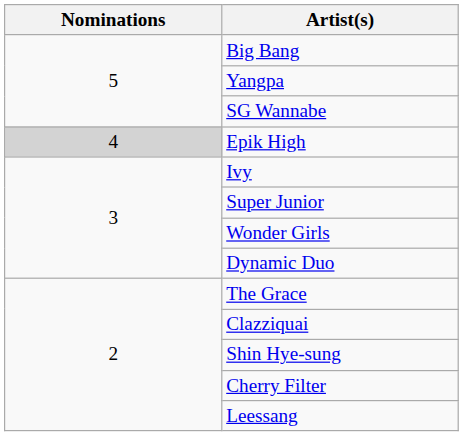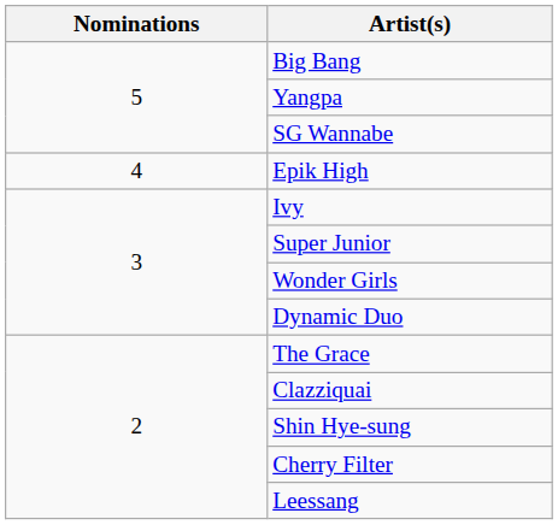 <table class="wikitable"  style="width:30%;">
 <tr>
 <th scope="col">Nominations</th>
 <th scope="col">Artist(s)</th>
 </tr>
 <tr>
 <td align=center rowspan=3>5</td>
 <td><a href='#'>Big Bang</a></td>
 </tr>
 <tr>
 <td><a href='#'>Yangpa</a></td>
 </tr>
 <tr>
 <td><a href='#'>SG Wannabe</a></td>
 </tr>
 <tr>
-<td align=center style="background: lightgrey;">4</td>
+<td align=center>4</td>
 <td><a href='#'>Epik High</a></td>
 </tr>
 <tr>
 <td align=center rowspan=4>3</td>
 <td><a href='#'>Ivy</a></td>
 </tr>
 <tr>
 <td><a href='#'>Super Junior</a></td>
 </tr>
 <tr>
 <td><a href='#'>Wonder Girls</a></td>
 </tr>
 <tr>
 <td><a href='#'>Dynamic Duo</a></td>
 </tr>
 <tr>
 <td align=center rowspan=5>2</td>
 <td><a href='#'>The Grace</a></td>
 </tr>
 <tr>
 <td><a href='#'>Clazziquai</a></td>
 </tr>
 <tr>
 <td><a href='#'>Shin Hye-sung</a></td>
 </tr>
 <tr>
 <td><a href='#'>Cherry Filter</a></td>
 </tr>
 <tr>
 <td><a href='#'>Leessang</a></td>
 </tr>
 </table>
